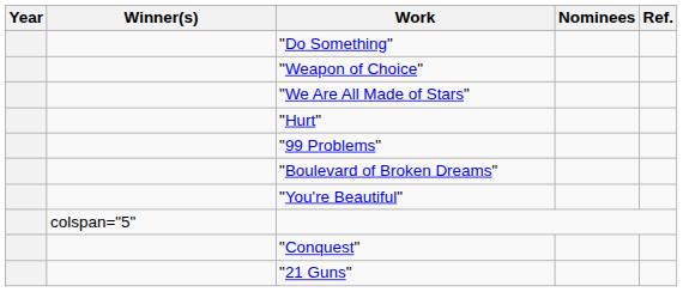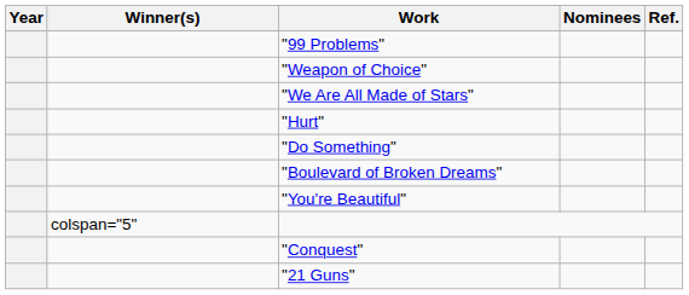 <table class="wikitable sortable">
 <tr>
 <th scope="col" style="width:5px;">Year</th>
 <th scope="col" style="width:220px;">Winner(s)</th>
 <th scope="col" style="width:270px;">Work</th>
 <th scope="col" class="unsortable">Nominees</th>
 <th scope="col" class="unsortable">Ref.</th>
 </tr>
 <tr>
 <th scope="row"></th>
 <td></td>
-<td>"<a href='#'>Do Something</a>" </td>
+<td>"<a href='#'>99 Problems</a>" </td>
 <td></td>
 <td align="center"></td>
 </tr>
 <tr>
 <th scope="row"></th>
 <td></td>
 <td>"<a href='#'>Weapon of Choice</a>" </td>
 <td></td>
 <td align="center"></td>
 </tr>
 <tr>
 <th scope="row"></th>
 <td></td>
 <td>"<a href='#'>We Are All Made of Stars</a>" </td>
 <td></td>
 <td align="center"></td>
 </tr>
 <tr>
 <th scope="row"></th>
 <td></td>
 <td>"<a href='#'>Hurt</a>" </td>
 <td></td>
 <td align="center"></td>
 </tr>
 <tr>
 <th scope="row"></th>
 <td></td>
-<td>"<a href='#'>99 Problems</a>" </td>
+<td>"<a href='#'>Do Something</a>" </td>
 <td></td>
 <td align="center"></td>
 </tr>
 <tr>
 <th scope="row"></th>
 <td></td>
 <td>"<a href='#'>Boulevard of Broken Dreams</a>" </td>
 <td></td>
 <td align="center"></td>
 </tr>
 <tr>
 <th scope="row"></th>
 <td></td>
 <td>"<a href='#'>You're Beautiful</a>" </td>
 <td></td>
 <td align="center"></td>
 </tr>
 <tr>
 <th scope="row"></th>
 <td>colspan="5" </td>
 </tr>
 <tr>
 <th scope="row"></th>
 <td></td>
 <td>"<a href='#'>Conquest</a>" </td>
 <td></td>
 <td align="center"></td>
 </tr>
 <tr>
 <th scope="row"></th>
 <td></td>
 <td>"<a href='#'>21 Guns</a>" </td>
 <td></td>
 <td align="center"></td>
 </tr>
 </table>
